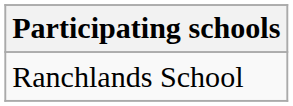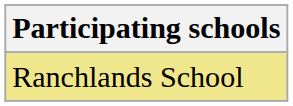 <table class="wikitable" align=right>
 <tr>
 <th>Participating schools</th>
 </tr>
 <tr>
-<td>Ranchlands School</td>
+<td style="background: khaki;">Ranchlands School</td>
 </tr>
 </table>
